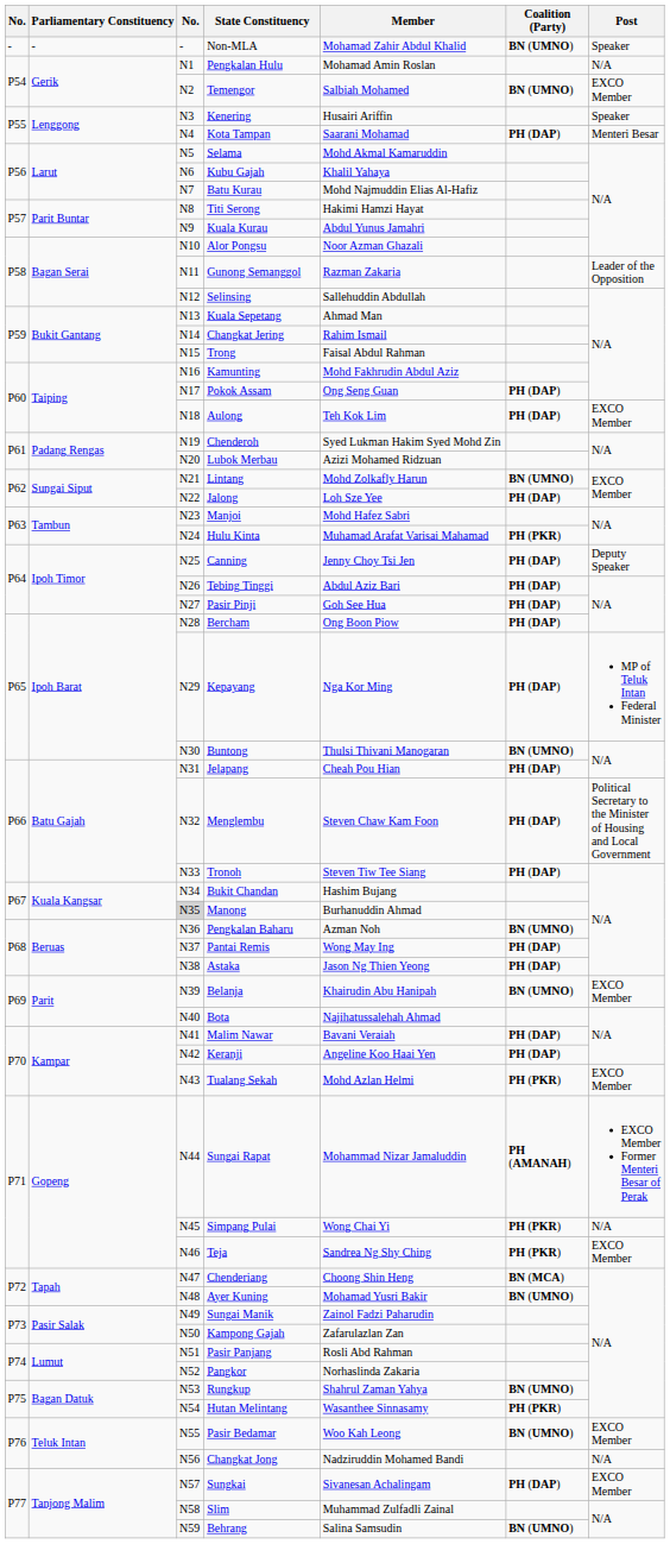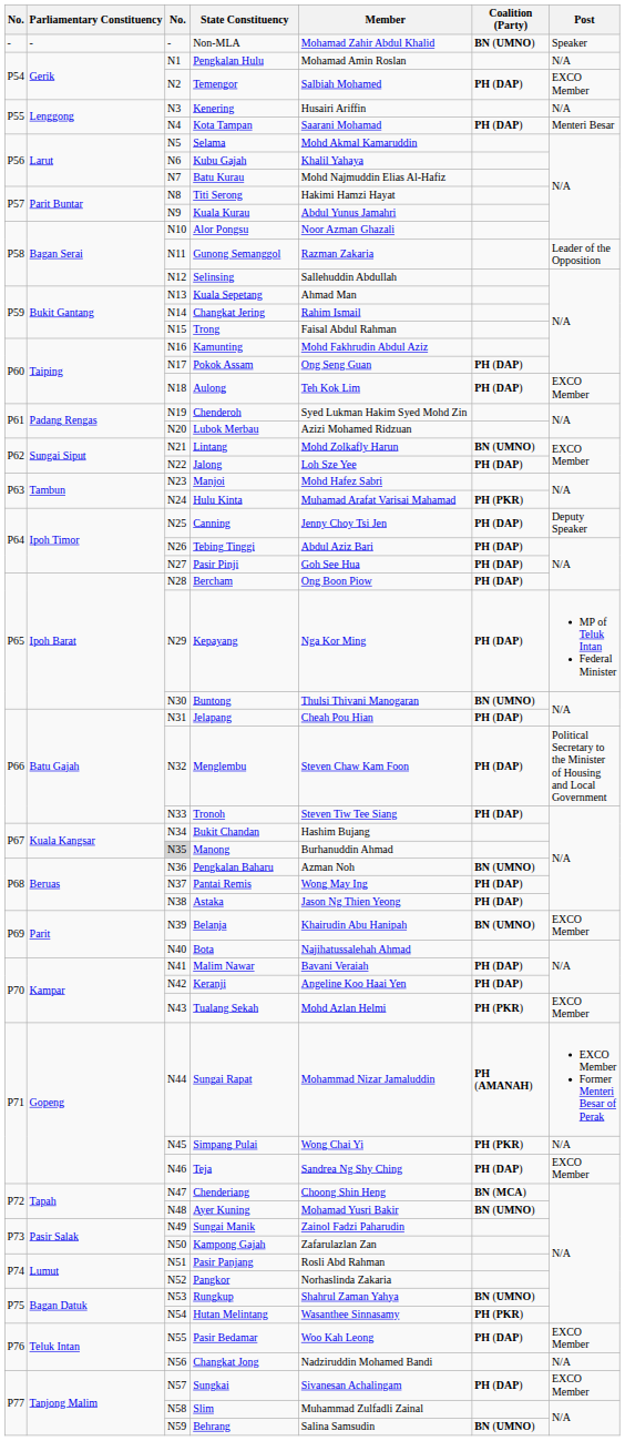 <table class="wikitable">
 <tr>
 <th>No.</th>
 <th>Parliamentary Constituency</th>
 <th width="30">No.</th>
 <th width="150">State Constituency</th>
 <th width="245">Member</th>
 <th width="105">Coalition (Party)</th>
 <th width="95">Post</th>
 </tr>
 <tr>
 <td>-</td>
 <td>-</td>
 <td>-</td>
 <td>Non-MLA</td>
 <td><a href='#'>Mohamad Zahir Abdul Khalid</a></td>
 <td><strong>BN</strong> (<strong>UMNO</strong>)</td>
 <td>Speaker</td>
 </tr>
 <tr>
 <td rowspan="2">P54</td>
 <td rowspan="2"><a href='#'>Gerik</a></td>
 <td>N1</td>
 <td><a href='#'>Pengkalan Hulu</a></td>
 <td>Mohamad Amin Roslan</td>
 <td></td>
 <td>N/A</td>
 </tr>
 <tr>
 <td>N2</td>
 <td><a href='#'>Temengor</a></td>
 <td><a href='#'>Salbiah Mohamed</a></td>
-<td><strong>BN</strong> (<strong>UMNO</strong>)</td>
+<td><strong>PH</strong> (<strong>DAP</strong>)</td>
 <td>EXCO Member</td>
 </tr>
 <tr>
 <td rowspan="2">P55</td>
 <td rowspan="2"><a href='#'>Lenggong</a></td>
 <td>N3</td>
 <td><a href='#'>Kenering</a></td>
 <td>Husairi Ariffin</td>
 <td></td>
-<td>Speaker</td>
+<td>N/A</td>
 </tr>
 <tr>
 <td>N4</td>
 <td><a href='#'>Kota Tampan</a></td>
 <td><a href='#'>Saarani Mohamad</a></td>
 <td><strong>PH</strong> (<strong>DAP</strong>)</td>
 <td>Menteri Besar</td>
 </tr>
 <tr>
 <td rowspan="3">P56</td>
 <td rowspan="3"><a href='#'>Larut</a></td>
 <td>N5</td>
 <td><a href='#'>Selama</a></td>
 <td><a href='#'>Mohd Akmal Kamaruddin</a></td>
 <td></td>
 <td rowspan="6">N/A</td>
 </tr>
 <tr>
 <td>N6</td>
 <td><a href='#'>Kubu Gajah</a></td>
 <td><a href='#'>Khalil Yahaya</a></td>
 <td></td>
 </tr>
 <tr>
 <td>N7</td>
 <td><a href='#'>Batu Kurau</a></td>
 <td>Mohd Najmuddin Elias Al-Hafiz</td>
 <td></td>
 </tr>
 <tr>
 <td rowspan="2">P57</td>
 <td rowspan="2"><a href='#'>Parit Buntar</a></td>
 <td>N8</td>
 <td><a href='#'>Titi Serong</a></td>
 <td>Hakimi Hamzi Hayat</td>
 <td></td>
 </tr>
 <tr>
 <td>N9</td>
 <td><a href='#'>Kuala Kurau</a></td>
 <td><a href='#'>Abdul Yunus Jamahri</a></td>
 <td></td>
 </tr>
 <tr>
 <td rowspan="3">P58</td>
 <td rowspan="3"><a href='#'>Bagan Serai</a></td>
 <td>N10</td>
 <td><a href='#'>Alor Pongsu</a></td>
 <td><a href='#'>Noor Azman Ghazali</a></td>
 <td></td>
 </tr>
 <tr>
 <td>N11</td>
 <td><a href='#'>Gunong Semanggol</a></td>
 <td><a href='#'>Razman Zakaria</a></td>
 <td></td>
 <td>Leader of the Opposition</td>
 </tr>
 <tr>
 <td>N12</td>
 <td><a href='#'>Selinsing</a></td>
 <td>Sallehuddin Abdullah</td>
 <td></td>
 <td rowspan="6">N/A</td>
 </tr>
 <tr>
 <td rowspan="3">P59</td>
 <td rowspan="3"><a href='#'>Bukit Gantang</a></td>
 <td>N13</td>
 <td><a href='#'>Kuala Sepetang</a></td>
 <td>Ahmad Man</td>
 <td></td>
 </tr>
 <tr>
 <td>N14</td>
 <td><a href='#'>Changkat Jering</a></td>
 <td><a href='#'>Rahim Ismail</a></td>
 <td></td>
 </tr>
 <tr>
 <td>N15</td>
 <td><a href='#'>Trong</a></td>
 <td>Faisal Abdul Rahman</td>
 <td></td>
 </tr>
 <tr>
 <td rowspan="3">P60</td>
 <td rowspan="3"><a href='#'>Taiping</a></td>
 <td>N16</td>
 <td><a href='#'>Kamunting</a></td>
 <td><a href='#'>Mohd Fakhrudin Abdul Aziz</a></td>
 <td></td>
 </tr>
 <tr>
 <td>N17</td>
 <td><a href='#'>Pokok Assam</a></td>
 <td><a href='#'>Ong Seng Guan</a></td>
 <td><strong>PH</strong> (<strong>DAP</strong>)</td>
 </tr>
 <tr>
 <td>N18</td>
 <td><a href='#'>Aulong</a></td>
 <td><a href='#'>Teh Kok Lim</a></td>
 <td><strong>PH</strong> (<strong>DAP</strong>)</td>
 <td>EXCO Member</td>
 </tr>
 <tr>
 <td rowspan="2">P61</td>
 <td rowspan="2"><a href='#'>Padang Rengas</a></td>
 <td>N19</td>
 <td><a href='#'>Chenderoh</a></td>
 <td>Syed Lukman Hakim Syed Mohd Zin</td>
 <td></td>
 <td rowspan=2>N/A</td>
 </tr>
 <tr>
 <td>N20</td>
 <td><a href='#'>Lubok Merbau</a></td>
 <td>Azizi Mohamed Ridzuan</td>
 <td></td>
 </tr>
 <tr>
 <td rowspan="2">P62</td>
 <td rowspan="2"><a href='#'>Sungai Siput</a></td>
 <td>N21</td>
 <td><a href='#'>Lintang</a></td>
 <td><a href='#'>Mohd Zolkafly Harun</a></td>
 <td><strong>BN</strong> (<strong>UMNO</strong>)</td>
 <td rowspan="2">EXCO Member</td>
 </tr>
 <tr>
 <td>N22</td>
 <td><a href='#'>Jalong</a></td>
 <td><a href='#'>Loh Sze Yee</a></td>
 <td><strong>PH</strong> (<strong>DAP</strong>)</td>
 </tr>
 <tr>
 <td rowspan="2">P63</td>
 <td rowspan="2"><a href='#'>Tambun</a></td>
 <td>N23</td>
 <td><a href='#'>Manjoi</a></td>
 <td><a href='#'>Mohd Hafez Sabri</a></td>
 <td></td>
 <td rowspan=2>N/A</td>
 </tr>
 <tr>
 <td>N24</td>
 <td><a href='#'>Hulu Kinta</a></td>
 <td><a href='#'>Muhamad Arafat Varisai Mahamad</a></td>
 <td><strong>PH</strong> (<strong>PKR</strong>)</td>
 </tr>
 <tr>
 <td rowspan="3">P64</td>
 <td rowspan="3"><a href='#'>Ipoh Timor</a></td>
 <td>N25</td>
 <td><a href='#'>Canning</a></td>
 <td><a href='#'>Jenny Choy Tsi Jen</a></td>
 <td><strong>PH</strong> (<strong>DAP</strong>)</td>
 <td>Deputy Speaker</td>
 </tr>
 <tr>
 <td>N26</td>
 <td><a href='#'>Tebing Tinggi</a></td>
 <td><a href='#'>Abdul Aziz Bari</a></td>
 <td><strong>PH</strong> (<strong>DAP</strong>)</td>
 <td rowspan=3>N/A</td>
 </tr>
 <tr>
 <td>N27</td>
 <td><a href='#'>Pasir Pinji</a></td>
 <td><a href='#'>Goh See Hua</a></td>
 <td><strong>PH</strong> (<strong>DAP</strong>)</td>
 </tr>
 <tr>
 <td rowspan="3">P65</td>
 <td rowspan="3"><a href='#'>Ipoh Barat</a></td>
 <td>N28</td>
 <td><a href='#'>Bercham</a></td>
 <td><a href='#'>Ong Boon Piow</a></td>
 <td><strong>PH</strong> (<strong>DAP</strong>)</td>
 </tr>
 <tr>
 <td>N29</td>
 <td><a href='#'>Kepayang</a></td>
 <td><a href='#'>Nga Kor Ming</a></td>
 <td><strong>PH</strong> (<strong>DAP</strong>)</td>
 <td><br><ul><li>MP of <a href='#'>Teluk Intan</a></li><li>Federal Minister</li></ul></td>
 </tr>
 <tr>
 <td>N30</td>
 <td><a href='#'>Buntong</a></td>
 <td><a href='#'>Thulsi Thivani Manogaran</a></td>
 <td><strong>BN</strong> (<strong>UMNO</strong>)</td>
 <td rowspan="2">N/A</td>
 </tr>
 <tr>
 <td rowspan="3">P66</td>
 <td rowspan="3"><a href='#'>Batu Gajah</a></td>
 <td>N31</td>
 <td><a href='#'>Jelapang</a></td>
 <td><a href='#'>Cheah Pou Hian</a></td>
 <td><strong>PH</strong> (<strong>DAP</strong>)</td>
 </tr>
 <tr>
 <td>N32</td>
 <td><a href='#'>Menglembu</a></td>
 <td><a href='#'>Steven Chaw Kam Foon</a></td>
 <td><strong>PH</strong> (<strong>DAP</strong>)</td>
 <td>Political Secretary to the Minister of Housing and Local Government</td>
 </tr>
 <tr>
 <td>N33</td>
 <td><a href='#'>Tronoh</a></td>
 <td><a href='#'>Steven Tiw Tee Siang</a></td>
 <td><strong>PH</strong> (<strong>DAP</strong>)</td>
 <td rowspan="6">N/A</td>
 </tr>
 <tr>
 <td rowspan="2">P67</td>
 <td rowspan="2"><a href='#'>Kuala Kangsar</a></td>
 <td>N34</td>
 <td><a href='#'>Bukit Chandan</a></td>
 <td>Hashim Bujang</td>
 <td></td>
 </tr>
 <tr>
 <td style="background: lightgrey;">N35</td>
 <td><a href='#'>Manong</a></td>
 <td>Burhanuddin Ahmad</td>
 <td></td>
 </tr>
 <tr>
 <td rowspan="3">P68</td>
 <td rowspan="3"><a href='#'>Beruas</a></td>
 <td>N36</td>
 <td><a href='#'>Pengkalan Baharu</a></td>
 <td>Azman Noh</td>
 <td><strong>BN</strong> (<strong>UMNO</strong>)</td>
 </tr>
 <tr>
 <td>N37</td>
 <td><a href='#'>Pantai Remis</a></td>
 <td><a href='#'>Wong May Ing</a></td>
 <td><strong>PH</strong> (<strong>DAP</strong>)</td>
 </tr>
 <tr>
 <td>N38</td>
 <td><a href='#'>Astaka</a></td>
 <td><a href='#'>Jason Ng Thien Yeong</a></td>
 <td><strong>PH</strong> (<strong>DAP</strong>)</td>
 </tr>
 <tr>
 <td rowspan="2">P69</td>
 <td rowspan="2"><a href='#'>Parit</a></td>
 <td>N39</td>
 <td><a href='#'>Belanja</a></td>
 <td><a href='#'>Khairudin Abu Hanipah</a></td>
 <td><strong>BN</strong> (<strong>UMNO</strong>)</td>
 <td>EXCO Member</td>
 </tr>
 <tr>
 <td>N40</td>
 <td><a href='#'>Bota</a></td>
 <td><a href='#'>Najihatussalehah Ahmad</a></td>
 <td></td>
 <td rowspan="3">N/A</td>
 </tr>
 <tr>
 <td rowspan="3">P70</td>
 <td rowspan="3"><a href='#'>Kampar</a></td>
 <td>N41</td>
 <td><a href='#'>Malim Nawar</a></td>
 <td><a href='#'>Bavani Veraiah</a></td>
 <td><strong>PH</strong> (<strong>DAP</strong>)</td>
 </tr>
 <tr>
 <td>N42</td>
 <td><a href='#'>Keranji</a></td>
 <td><a href='#'>Angeline Koo Haai Yen</a></td>
 <td><strong>PH</strong> (<strong>DAP</strong>)</td>
 </tr>
 <tr>
 <td>N43</td>
 <td><a href='#'>Tualang Sekah</a></td>
 <td><a href='#'>Mohd Azlan Helmi</a></td>
 <td><strong>PH</strong> (<strong>PKR</strong>)</td>
 <td>EXCO Member</td>
 </tr>
 <tr>
 <td rowspan="3">P71</td>
 <td rowspan="3"><a href='#'>Gopeng</a></td>
 <td>N44</td>
 <td><a href='#'>Sungai Rapat</a></td>
 <td><a href='#'>Mohammad Nizar Jamaluddin</a></td>
 <td><strong>PH</strong> (<strong>AMANAH</strong>)</td>
 <td><br><ul><li>EXCO Member</li><li>Former <a href='#'>Menteri Besar of Perak</a></li></ul></td>
 </tr>
 <tr>
 <td>N45</td>
 <td><a href='#'>Simpang Pulai</a></td>
 <td><a href='#'>Wong Chai Yi</a></td>
 <td><strong>PH</strong> (<strong>PKR</strong>)</td>
 <td>N/A</td>
 </tr>
 <tr>
 <td>N46</td>
 <td><a href='#'>Teja</a></td>
 <td><a href='#'>Sandrea Ng Shy Ching</a></td>
-<td><strong>PH</strong> (<strong>PKR</strong>)</td>
+<td><strong>PH</strong> (<strong>DAP</strong>)</td>
 <td>EXCO Member</td>
 </tr>
 <tr>
 <td rowspan="2">P72</td>
 <td rowspan="2"><a href='#'>Tapah</a></td>
 <td>N47</td>
 <td><a href='#'>Chenderiang</a></td>
 <td><a href='#'>Choong Shin Heng</a></td>
 <td><strong>BN</strong> (<strong>MCA</strong>)</td>
 <td rowspan="8">N/A</td>
 </tr>
 <tr>
 <td>N48</td>
 <td><a href='#'>Ayer Kuning</a></td>
 <td><a href='#'>Mohamad Yusri Bakir</a></td>
 <td><strong>BN</strong> (<strong>UMNO</strong>)</td>
 </tr>
 <tr>
 <td rowspan="2">P73</td>
 <td rowspan="2"><a href='#'>Pasir Salak</a></td>
 <td>N49</td>
 <td><a href='#'>Sungai Manik</a></td>
 <td><a href='#'>Zainol Fadzi Paharudin</a></td>
 <td></td>
 </tr>
 <tr>
 <td>N50</td>
 <td><a href='#'>Kampong Gajah</a></td>
 <td>Zafarulazlan Zan</td>
 <td></td>
 </tr>
 <tr>
 <td rowspan="2">P74</td>
 <td rowspan="2"><a href='#'>Lumut</a></td>
 <td>N51</td>
 <td><a href='#'>Pasir Panjang</a></td>
 <td>Rosli Abd Rahman</td>
 <td></td>
 </tr>
 <tr>
 <td>N52</td>
 <td><a href='#'>Pangkor</a></td>
 <td>Norhaslinda Zakaria</td>
 <td></td>
 </tr>
 <tr>
 <td rowspan="2">P75</td>
 <td rowspan="2"><a href='#'>Bagan Datuk</a></td>
 <td>N53</td>
 <td><a href='#'>Rungkup</a></td>
 <td><a href='#'>Shahrul Zaman Yahya</a></td>
 <td><strong>BN</strong> (<strong>UMNO</strong>)</td>
 </tr>
 <tr>
 <td>N54</td>
 <td><a href='#'>Hutan Melintang</a></td>
 <td><a href='#'>Wasanthee Sinnasamy</a></td>
 <td><strong>PH</strong> (<strong>PKR</strong>)</td>
 </tr>
 <tr>
 <td rowspan="2">P76</td>
 <td rowspan="2"><a href='#'>Teluk Intan</a></td>
 <td>N55</td>
 <td><a href='#'>Pasir Bedamar</a></td>
 <td><a href='#'>Woo Kah Leong</a></td>
-<td><strong>BN</strong> (<strong>UMNO</strong>)</td>
+<td><strong>PH</strong> (<strong>DAP</strong>)</td>
 <td>EXCO Member</td>
 </tr>
 <tr>
 <td>N56</td>
 <td><a href='#'>Changkat Jong</a></td>
 <td>Nadziruddin Mohamed Bandi</td>
 <td></td>
 <td>N/A</td>
 </tr>
 <tr>
 <td rowspan="3">P77</td>
 <td rowspan="3"><a href='#'>Tanjong Malim</a></td>
 <td>N57</td>
 <td><a href='#'>Sungkai</a></td>
 <td><a href='#'>Sivanesan Achalingam</a></td>
 <td><strong>PH</strong> (<strong>DAP</strong>)</td>
 <td>EXCO Member</td>
 </tr>
 <tr>
 <td>N58</td>
 <td><a href='#'>Slim</a></td>
 <td>Muhammad Zulfadli Zainal</td>
 <td></td>
 <td rowspan="2">N/A</td>
 </tr>
 <tr>
 <td>N59</td>
 <td><a href='#'>Behrang</a></td>
 <td>Salina Samsudin</td>
 <td><strong>BN</strong> (<strong>UMNO</strong>)</td>
 </tr>
 </table>
